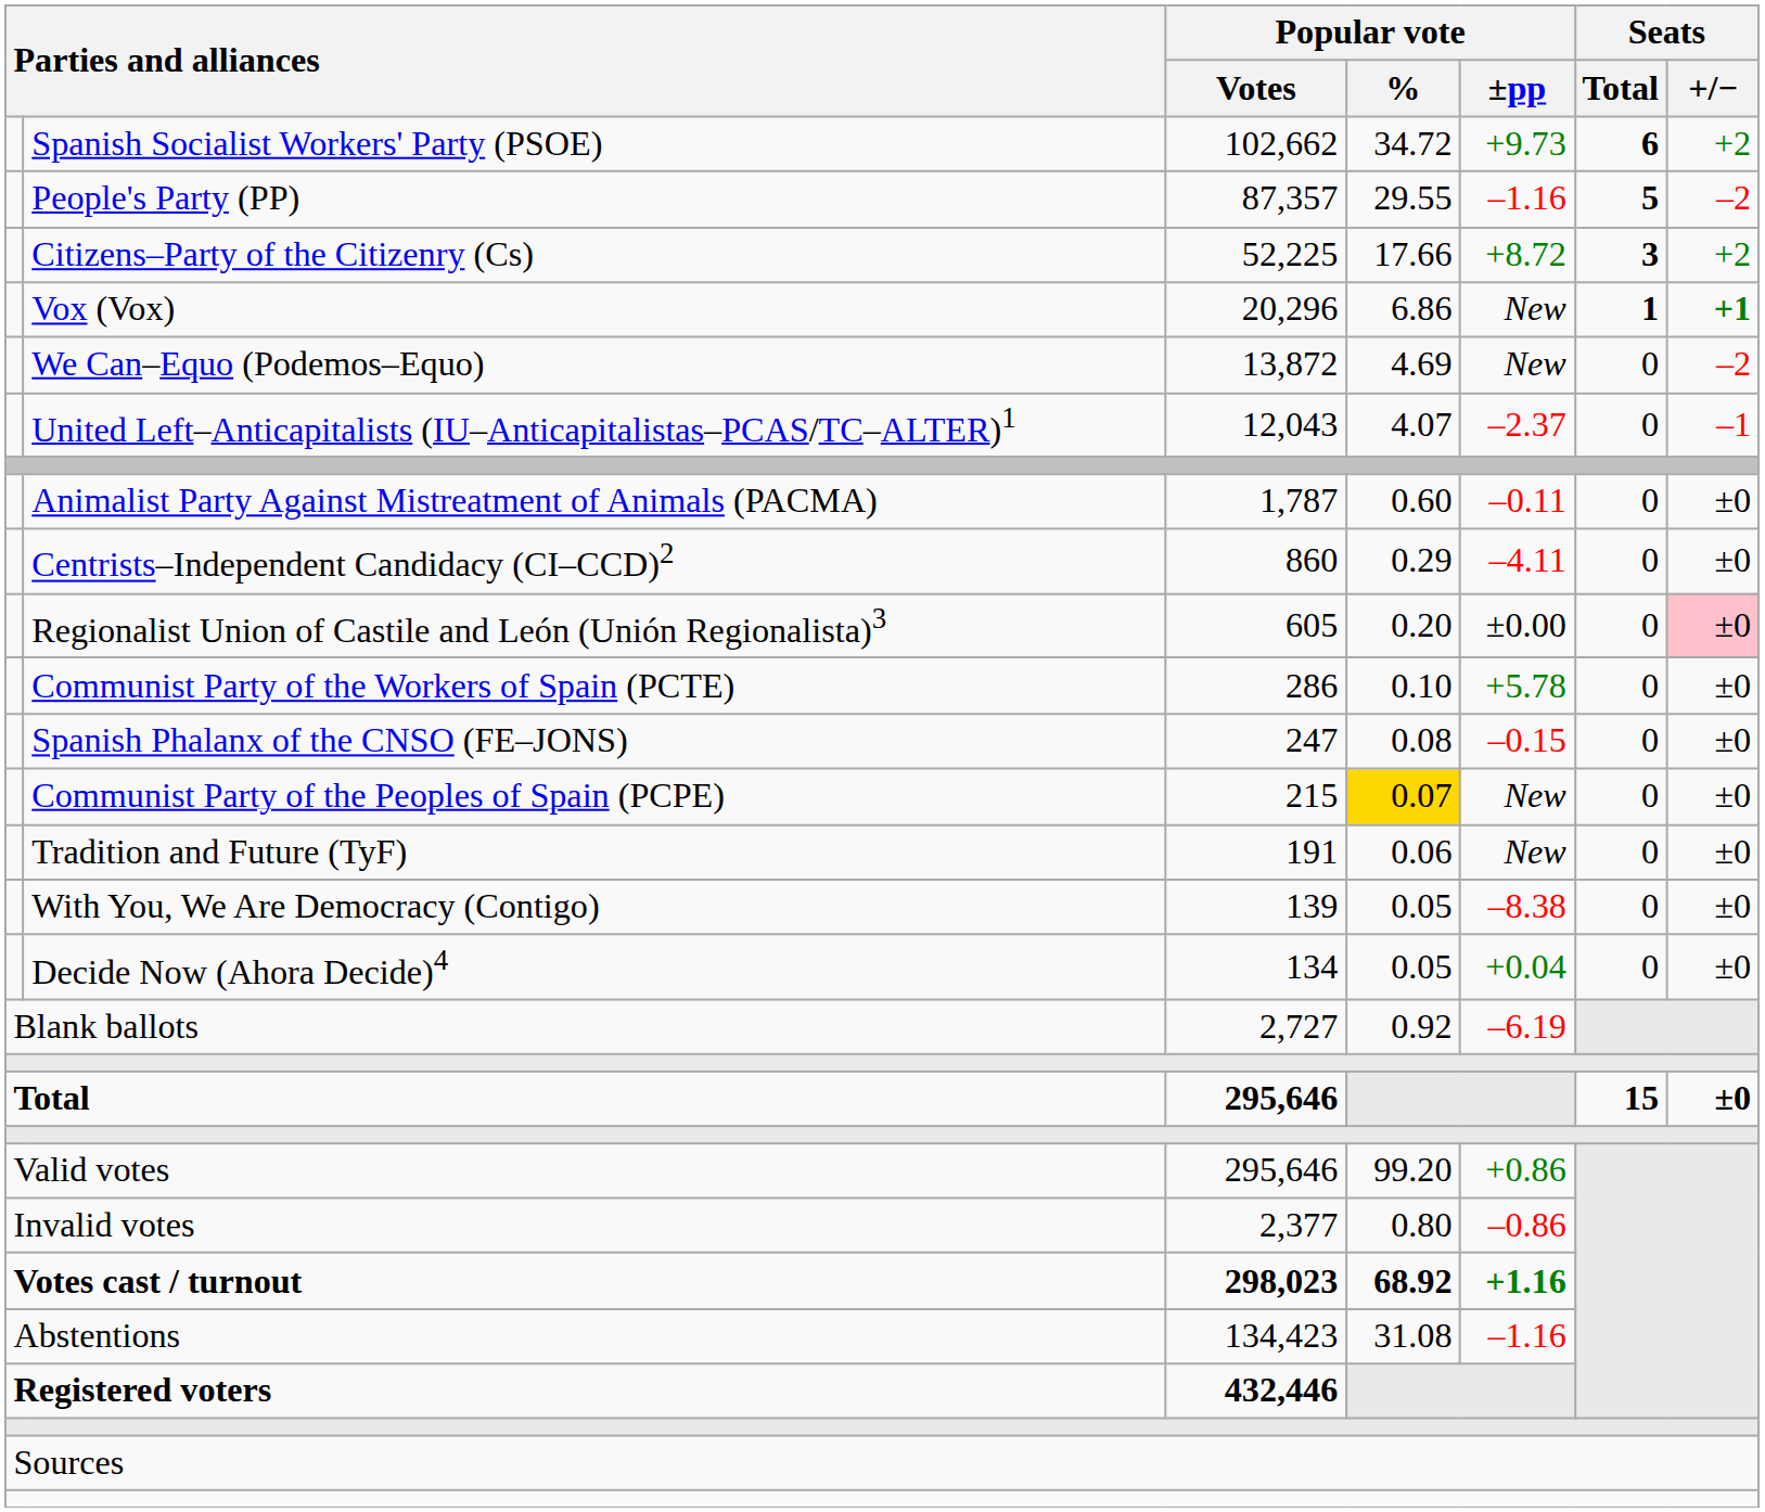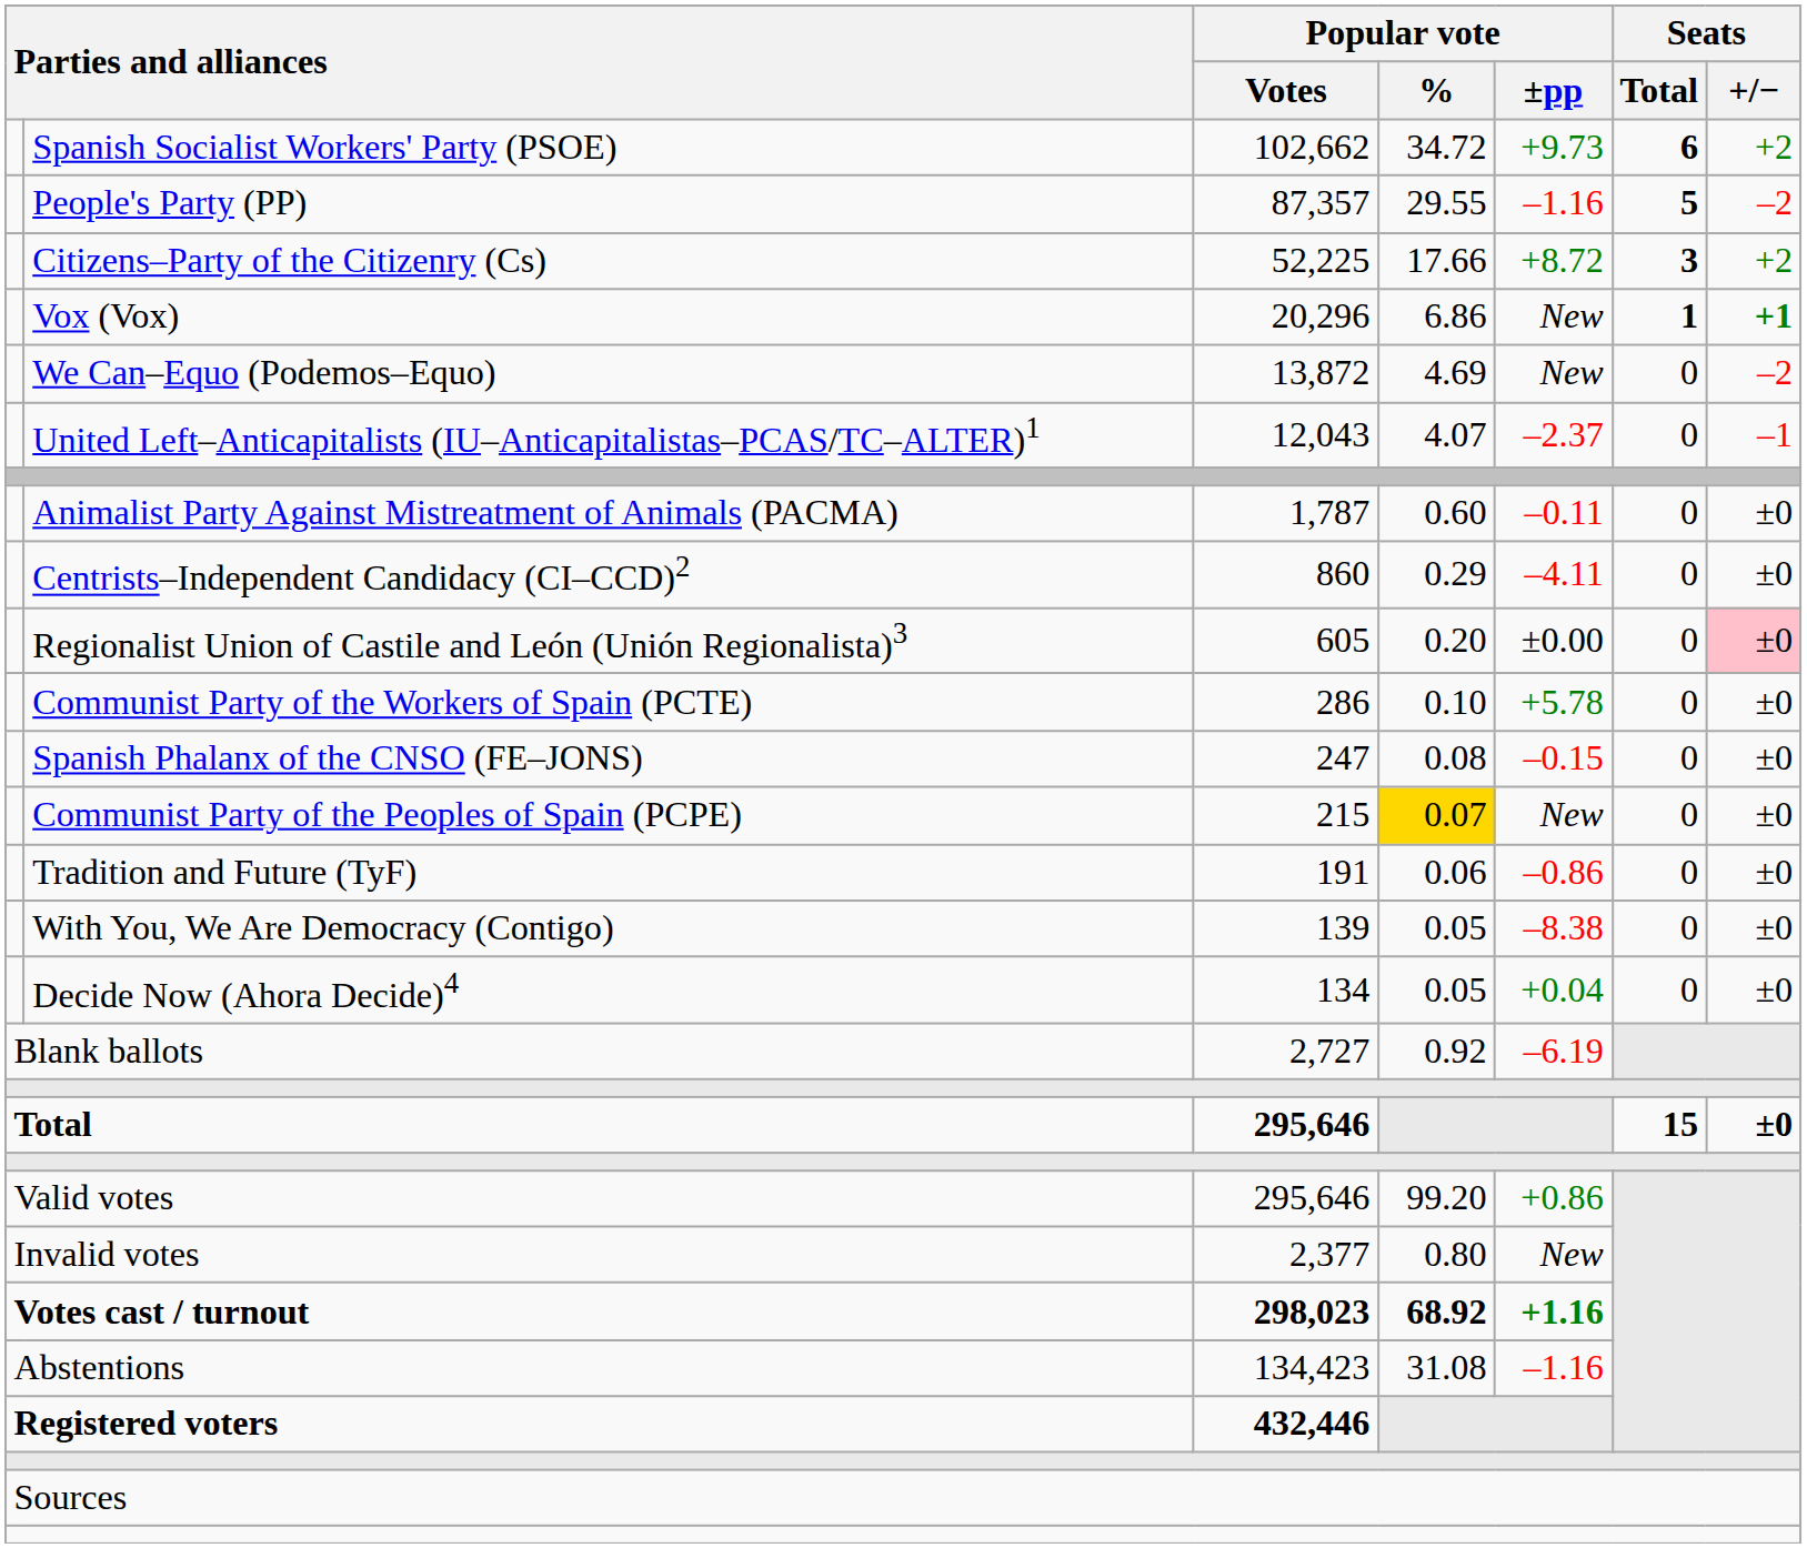 <table class="wikitable" style="text-align:right;">
 <tr>
 <th style="text-align:left;" rowspan="2" colspan="2" width="525">Parties and alliances</th>
 <th colspan="3">Popular vote</th>
 <th colspan="2">Seats</th>
 </tr>
 <tr>
 <th width="75">Votes</th>
 <th width="45">%</th>
 <th width="45">±<a href='#'>pp</a></th>
 <th width="35">Total</th>
 <th width="35">+/−</th>
 </tr>
 <tr>
 <td width="1" style="color:inherit;background:"></td>
 <td align="left"><a href='#'>Spanish Socialist Workers' Party</a> (PSOE)</td>
 <td>102,662</td>
 <td>34.72</td>
 <td style="color:green;">+9.73</td>
 <td><strong>6</strong></td>
 <td style="color:green;">+2</td>
 </tr>
 <tr>
 <td style="color:inherit;background:"></td>
 <td align="left"><a href='#'>People's Party</a> (PP)</td>
 <td>87,357</td>
 <td>29.55</td>
 <td style="color:red;">–1.16</td>
 <td><strong>5</strong></td>
 <td style="color:red;">–2</td>
 </tr>
 <tr>
 <td style="color:inherit;background:"></td>
 <td align="left"><a href='#'>Citizens–Party of the Citizenry</a> (Cs)</td>
 <td>52,225</td>
 <td>17.66</td>
 <td style="color:green;">+8.72</td>
 <td><strong>3</strong></td>
 <td style="color:green;">+2</td>
 </tr>
 <tr>
 <td style="color:inherit;background:"></td>
 <td align="left"><a href='#'>Vox</a> (Vox)</td>
 <td>20,296</td>
 <td>6.86</td>
 <td><em>New</em></td>
 <td><strong>1</strong></td>
 <td style="color:green;"><strong>+1</strong></td>
 </tr>
 <tr>
 <td style="color:inherit;background:"></td>
 <td align="left"><a href='#'>We Can</a>–<a href='#'>Equo</a> (Podemos–Equo)</td>
 <td>13,872</td>
 <td>4.69</td>
 <td><em>New</em></td>
 <td>0</td>
 <td style="color:red;">–2</td>
 </tr>
 <tr>
 <td style="color:inherit;background:"></td>
 <td align="left"><a href='#'>United Left</a>–<a href='#'>Anticapitalists</a> (<a href='#'>IU</a>–<a href='#'>Anticapitalistas</a>–<a href='#'>PCAS</a>/<a href='#'>TC</a>–<a href='#'>ALTER</a>)<sup>1</sup></td>
 <td>12,043</td>
 <td>4.07</td>
 <td style="color:red;">–2.37</td>
 <td>0</td>
 <td style="color:red;">–1</td>
 </tr>
 <tr>
 <td colspan="7" bgcolor="#C0C0C0"></td>
 </tr>
 <tr>
 <td style="color:inherit;background:"></td>
 <td align="left"><a href='#'>Animalist Party Against Mistreatment of Animals</a> (PACMA)</td>
 <td>1,787</td>
 <td>0.60</td>
 <td style="color:red;">–0.11</td>
 <td>0</td>
 <td>±0</td>
 </tr>
 <tr>
 <td style="color:inherit;background:"></td>
 <td align="left"><a href='#'>Centrists</a>–Independent Candidacy (CI–CCD)<sup>2</sup></td>
 <td>860</td>
 <td>0.29</td>
 <td style="color:red;">–4.11</td>
 <td>0</td>
 <td>±0</td>
 </tr>
 <tr>
 <td style="color:inherit;background:"></td>
 <td align="left">Regionalist Union of Castile and León (Unión Regionalista)<sup>3</sup></td>
 <td>605</td>
 <td>0.20</td>
 <td>±0.00</td>
 <td>0</td>
 <td style="background: pink;">±0</td>
 </tr>
 <tr>
 <td style="color:inherit;background:"></td>
 <td align="left"><a href='#'>Communist Party of the Workers of Spain</a> (PCTE)</td>
 <td>286</td>
 <td>0.10</td>
 <td style="color:green;">+5.78</td>
 <td>0</td>
 <td>±0</td>
 </tr>
 <tr>
 <td style="color:inherit;background:"></td>
 <td align="left"><a href='#'>Spanish Phalanx of the CNSO</a> (FE–JONS)</td>
 <td>247</td>
 <td>0.08</td>
 <td style="color:red;">–0.15</td>
 <td>0</td>
 <td>±0</td>
 </tr>
 <tr>
 <td style="color:inherit;background:"></td>
 <td align="left"><a href='#'>Communist Party of the Peoples of Spain</a> (PCPE)</td>
 <td>215</td>
 <td style="background: gold;">0.07</td>
 <td><em>New</em></td>
 <td>0</td>
 <td>±0</td>
 </tr>
 <tr>
 <td style="color:inherit;background:"></td>
 <td align="left">Tradition and Future (TyF)</td>
 <td>191</td>
 <td>0.06</td>
-<td><em>New</em></td>
+<td style="color:red;">–0.86</td>
 <td>0</td>
 <td>±0</td>
 </tr>
 <tr>
 <td style="color:inherit;background:"></td>
 <td align="left">With You, We Are Democracy (Contigo)</td>
 <td>139</td>
 <td>0.05</td>
 <td style="color:red;">–8.38</td>
 <td>0</td>
 <td>±0</td>
 </tr>
 <tr>
 <td style="color:inherit;background:"></td>
 <td align="left">Decide Now (Ahora Decide)<sup>4</sup></td>
 <td>134</td>
 <td>0.05</td>
 <td style="color:green;">+0.04</td>
 <td>0</td>
 <td>±0</td>
 </tr>
 <tr>
 <td align="left" colspan="2">Blank ballots</td>
 <td>2,727</td>
 <td>0.92</td>
 <td style="color:red;">–6.19</td>
 <td bgcolor="#E9E9E9" colspan="2"></td>
 </tr>
 <tr>
 <td colspan="7" bgcolor="#E9E9E9"></td>
 </tr>
 <tr style="font-weight:bold;">
 <td align="left" colspan="2">Total</td>
 <td>295,646</td>
 <td bgcolor="#E9E9E9" colspan="2"></td>
 <td>15</td>
 <td>±0</td>
 </tr>
 <tr>
 <td colspan="7" bgcolor="#E9E9E9"></td>
 </tr>
 <tr>
 <td align="left" colspan="2">Valid votes</td>
 <td>295,646</td>
 <td>99.20</td>
 <td style="color:green;">+0.86</td>
 <td bgcolor="#E9E9E9" colspan="2" rowspan="5"></td>
 </tr>
 <tr>
 <td align="left" colspan="2">Invalid votes</td>
 <td>2,377</td>
 <td>0.80</td>
-<td style="color:red;">–0.86</td>
+<td><em>New</em></td>
 </tr>
 <tr style="font-weight:bold;">
 <td align="left" colspan="2">Votes cast / turnout</td>
 <td>298,023</td>
 <td>68.92</td>
 <td style="color:green;">+1.16</td>
 </tr>
 <tr>
 <td align="left" colspan="2">Abstentions</td>
 <td>134,423</td>
 <td>31.08</td>
 <td style="color:red;">–1.16</td>
 </tr>
 <tr style="font-weight:bold;">
 <td align="left" colspan="2">Registered voters</td>
 <td>432,446</td>
 <td bgcolor="#E9E9E9" colspan="2"></td>
 </tr>
 <tr>
 <td colspan="7" bgcolor="#E9E9E9"></td>
 </tr>
 <tr>
 <td align="left" colspan="7">Sources</td>
 </tr>
 <tr>
 <td colspan="7" style="text-align:left; max-width:790px;"></td>
 </tr>
 </table>
